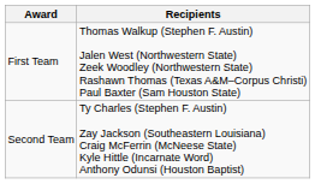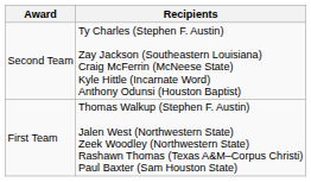 <table class="wikitable" style="white-space:nowrap; font-size:90%;">
 <tr>
 <th>Award</th>
 <th>Recipients</th>
 </tr>
 <tr>
+<td>Second Team</td>
+<td>Ty Charles (Stephen F. Austin)<br><br>Zay Jackson (Southeastern Louisiana)<br> Craig McFerrin (McNeese State)<br> Kyle Hittle (Incarnate Word)<br> Anthony Odunsi (Houston Baptist)</td>
+</tr>
+<tr>
 <td>First Team</td>
 <td>Thomas Walkup (Stephen F. Austin)<br><br>Jalen West (Northwestern State)<br> Zeek Woodley (Northwestern State)<br> Rashawn Thomas (Texas A&M–Corpus Christi)<br> Paul Baxter (Sam Houston State)</td>
 </tr>
-<tr>
-<td>Second Team</td>
-<td>Ty Charles (Stephen F. Austin)<br><br>Zay Jackson (Southeastern Louisiana)<br> Craig McFerrin (McNeese State)<br> Kyle Hittle (Incarnate Word)<br> Anthony Odunsi (Houston Baptist)</td>
-</tr>
 </table>
